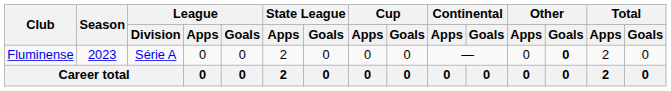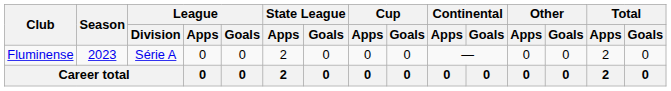 <table class="wikitable" style="text-align:center">
 <tr>
 <th rowspan="2">Club</th>
 <th rowspan="2">Season</th>
 <th colspan="3">League</th>
 <th colspan="2">State League</th>
 <th colspan="2">Cup</th>
 <th colspan="2">Continental</th>
 <th colspan="2">Other</th>
 <th colspan="2">Total</th>
 </tr>
 <tr>
 <th>Division</th>
 <th>Apps</th>
 <th>Goals</th>
 <th>Apps</th>
 <th>Goals</th>
 <th>Apps</th>
 <th>Goals</th>
 <th>Apps</th>
 <th>Goals</th>
 <th>Apps</th>
 <th>Goals</th>
 <th>Apps</th>
 <th>Goals</th>
 </tr>
 <tr>
 <td><a href='#'>Fluminense</a></td>
 <td><a href='#'>2023</a></td>
 <td><a href='#'>Série A</a></td>
 <td>0</td>
 <td>0</td>
 <td>2</td>
 <td>0</td>
 <td>0</td>
 <td>0</td>
 <td colspan=2>—</td>
 <td>0</td>
-<td><strong>0</strong></td>
+<td>0</td>
 <td>2</td>
 <td>0</td>
 </tr>
 <tr>
 <th colspan=3><strong>Career total</strong></th>
 <th>0</th>
 <th>0</th>
 <th>2</th>
 <th>0</th>
 <th>0</th>
 <th>0</th>
 <th>0</th>
 <th>0</th>
 <th>0</th>
 <th>0</th>
 <th>2</th>
 <th>0</th>
 </tr>
 </table>
